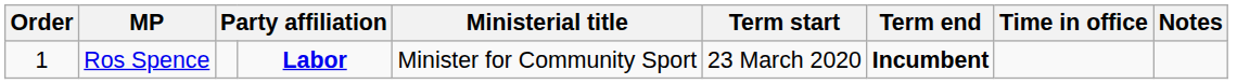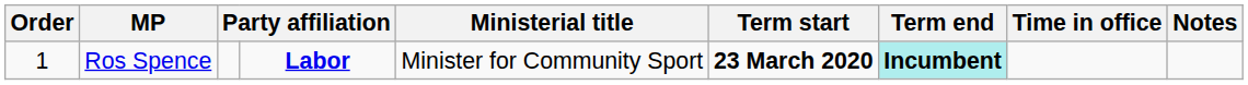 <table class="wikitable" style="text-align:center">
 <tr>
 <th>Order</th>
 <th>MP</th>
 <th colspan="2">Party affiliation</th>
 <th>Ministerial title</th>
 <th>Term start</th>
 <th>Term end</th>
 <th>Time in office</th>
 <th>Notes</th>
 </tr>
 <tr>
 <td>1</td>
 <td><a href='#'>Ros Spence</a> </td>
 <td></td>
 <td><strong><a href='#'>Labor</a></strong></td>
 <td>Minister for Community Sport</td>
-<td>23 March 2020</td>
-<td><strong>Incumbent</strong></td>
+<td><strong>23 March 2020</strong></td>
+<td style="background: paleturquoise;"><strong>Incumbent</strong></td>
 <td></td>
 <td></td>
 </tr>
 </table>
